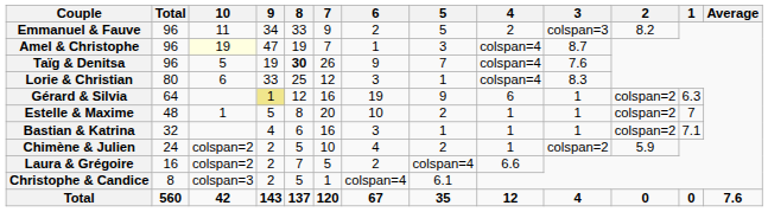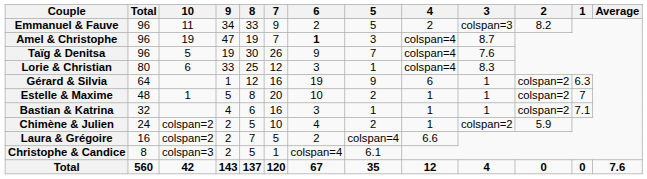 <table class="wikitable sortable collapsible" style="margin:auto; font-size:95%; line-height:12px; text-align:center">
 <tr>
 <th>Couple</th>
 <th>Total</th>
 <th>10</th>
 <th>9</th>
 <th>8</th>
 <th>7</th>
 <th>6</th>
 <th>5</th>
 <th>4</th>
 <th>3</th>
 <th>2</th>
 <th>1</th>
 <th>Average</th>
 </tr>
 <tr>
 <th>Emmanuel & Fauve</th>
 <td>96</td>
 <td>11</td>
 <td>34</td>
 <td>33</td>
 <td>9</td>
 <td>2</td>
 <td>5</td>
 <td>2</td>
 <td>colspan=3 </td>
 <td>8.2</td>
 </tr>
 <tr>
 <th>Amel & Christophe</th>
 <td>96</td>
-<td style="background: lightyellow;">19</td>
+<td>19</td>
 <td>47</td>
 <td>19</td>
 <td>7</td>
-<td>1</td>
+<td><strong>1</strong></td>
 <td>3</td>
 <td>colspan=4 </td>
 <td>8.7</td>
 </tr>
 <tr>
 <th>Taïg & Denitsa</th>
 <td>96</td>
 <td>5</td>
 <td>19</td>
-<td><strong>30</strong></td>
+<td>30</td>
 <td>26</td>
 <td>9</td>
 <td>7</td>
 <td>colspan=4 </td>
 <td>7.6</td>
 </tr>
 <tr>
 <th>Lorie & Christian</th>
 <td>80</td>
 <td>6</td>
 <td>33</td>
 <td>25</td>
 <td>12</td>
 <td>3</td>
 <td>1</td>
 <td>colspan=4 </td>
 <td>8.3</td>
 </tr>
 <tr>
 <th>Gérard & Silvia</th>
 <td>64</td>
 <td></td>
-<td style="background: khaki;">1</td>
+<td>1</td>
 <td>12</td>
 <td>16</td>
 <td>19</td>
 <td>9</td>
 <td>6</td>
 <td>1</td>
 <td>colspan=2 </td>
 <td>6.3</td>
 </tr>
 <tr>
 <th>Estelle & Maxime</th>
 <td>48</td>
 <td>1</td>
 <td>5</td>
 <td>8</td>
 <td>20</td>
 <td>10</td>
 <td>2</td>
 <td>1</td>
 <td>1</td>
 <td>colspan=2 </td>
 <td>7</td>
 </tr>
 <tr>
 <th>Bastian & Katrina</th>
 <td>32</td>
 <td></td>
 <td>4</td>
 <td>6</td>
 <td>16</td>
 <td>3</td>
 <td>1</td>
 <td>1</td>
 <td>1</td>
 <td>colspan=2 </td>
 <td>7.1</td>
 </tr>
 <tr>
 <th>Chimène & Julien</th>
 <td>24</td>
 <td>colspan=2 </td>
 <td>2</td>
 <td>5</td>
 <td>10</td>
 <td>4</td>
 <td>2</td>
 <td>1</td>
 <td>colspan=2 </td>
 <td>5.9</td>
 </tr>
 <tr>
 <th>Laura & Grégoire</th>
 <td>16</td>
 <td>colspan=2 </td>
 <td>2</td>
 <td>7</td>
 <td>5</td>
 <td>2</td>
 <td>colspan=4 </td>
 <td>6.6</td>
 </tr>
 <tr>
 <th>Christophe & Candice</th>
 <td>8</td>
 <td>colspan=3 </td>
 <td>2</td>
 <td>5</td>
 <td>1</td>
 <td>colspan=4 </td>
 <td>6.1</td>
 </tr>
 <tr>
 <th>Total</th>
 <td><strong>560</strong></td>
 <td><strong>42</strong></td>
 <td><strong>143</strong></td>
 <td><strong>137</strong></td>
 <td><strong>120</strong></td>
 <td><strong>67</strong></td>
 <td><strong>35</strong></td>
 <td><strong>12</strong></td>
 <td><strong>4</strong></td>
 <td><strong>0</strong></td>
 <td><strong>0</strong></td>
 <td><strong>7.6</strong></td>
 </tr>
 </table>
